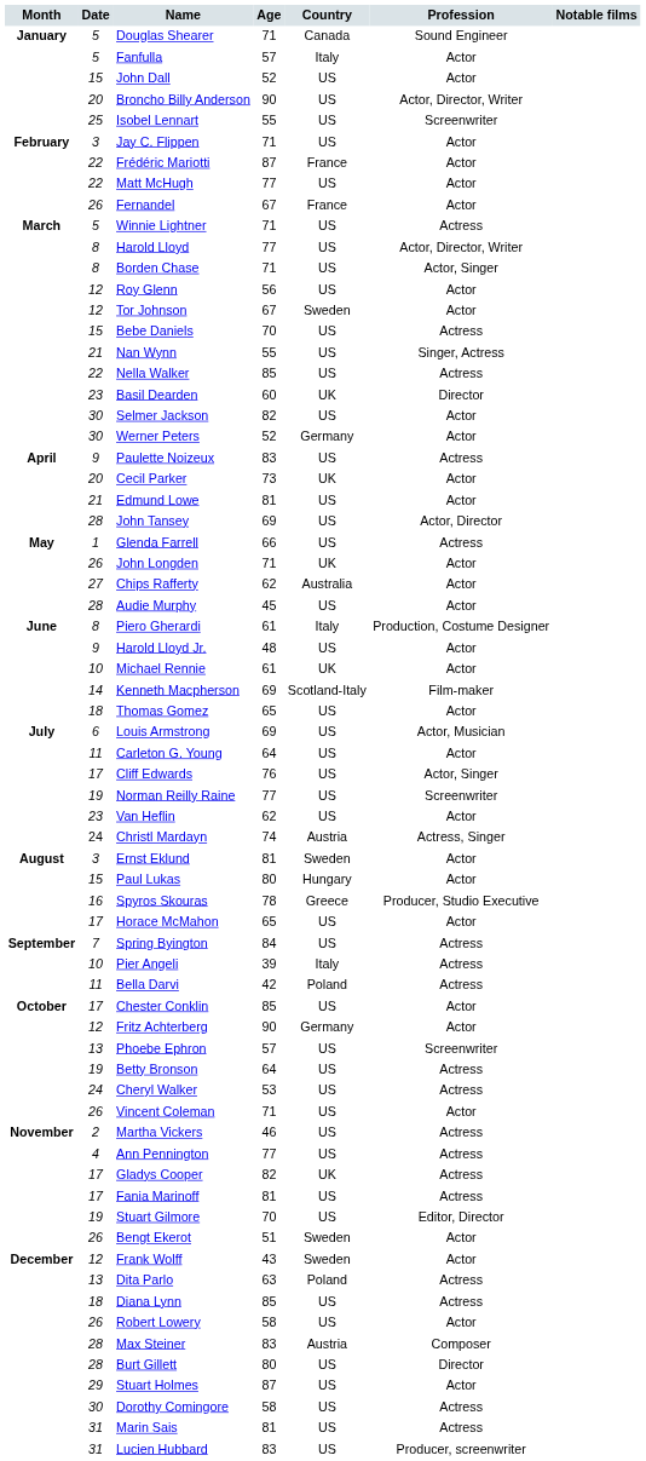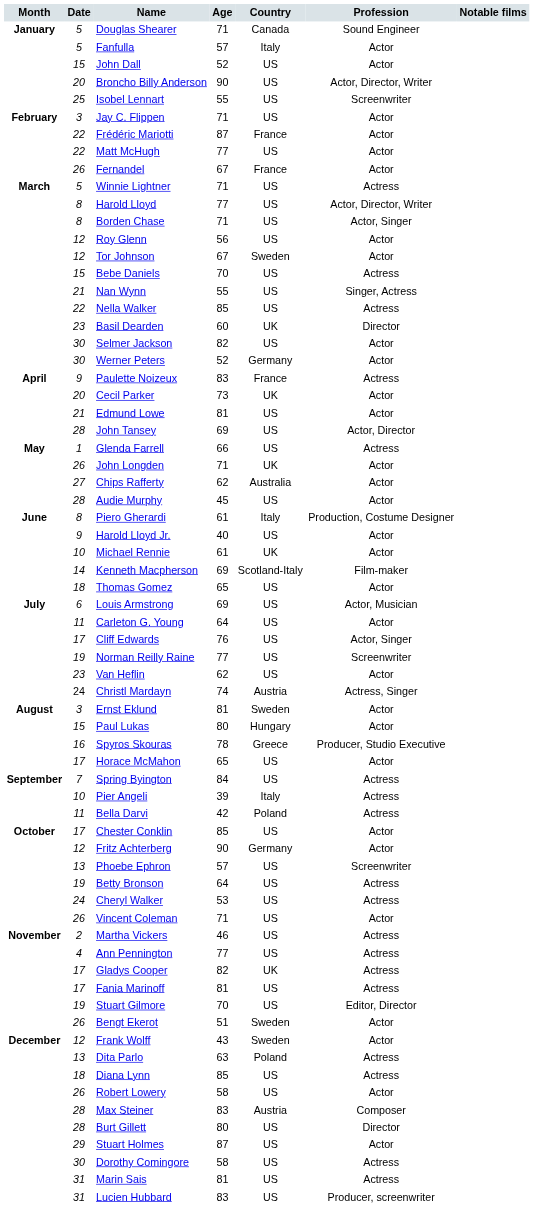 <table cellspacing="0" cellpadding="4" border="0">
 <tr style="background:#dae3e7; text-align:center;">
 <td><strong>Month</strong></td>
 <td><strong>Date</strong></td>
 <td><strong>Name</strong></td>
 <td><strong>Age</strong></td>
 <td><strong>Country</strong></td>
 <td><strong>Profession</strong></td>
 <td><strong>Notable films</strong></td>
 </tr>
 <tr valign="top">
 <td rowspan=5 style="text-align:center; vertical-align:top;"><strong>January</strong></td>
 <td style="text-align:center;"><em>5</em></td>
 <td><a href='#'>Douglas Shearer</a></td>
 <td style="text-align:center;">71</td>
 <td style="text-align:center;">Canada</td>
 <td style="text-align:center;">Sound Engineer</td>
 <td></td>
 </tr>
 <tr>
 <td style="text-align:center;"><em>5</em></td>
 <td><a href='#'>Fanfulla</a></td>
 <td style="text-align:center;">57</td>
 <td style="text-align:center;">Italy</td>
 <td style="text-align:center;">Actor</td>
 <td></td>
 </tr>
 <tr>
 <td style="text-align:center;"><em>15</em></td>
 <td><a href='#'>John Dall</a></td>
 <td style="text-align:center;">52</td>
 <td style="text-align:center;">US</td>
 <td style="text-align:center;">Actor</td>
 <td></td>
 </tr>
 <tr>
 <td style="text-align:center;"><em>20</em></td>
 <td><a href='#'>Broncho Billy Anderson</a></td>
 <td style="text-align:center;">90</td>
 <td style="text-align:center;">US</td>
 <td style="text-align:center;">Actor, Director, Writer</td>
 <td></td>
 </tr>
 <tr>
 <td style="text-align:center;"><em>25</em></td>
 <td><a href='#'>Isobel Lennart</a></td>
 <td style="text-align:center;">55</td>
 <td style="text-align:center;">US</td>
 <td style="text-align:center;">Screenwriter</td>
 <td></td>
 </tr>
 <tr>
 <td rowspan=4 style="text-align:center; vertical-align:top;"><strong>February</strong></td>
 <td style="text-align:center;"><em>3</em></td>
 <td><a href='#'>Jay C. Flippen</a></td>
 <td style="text-align:center;">71</td>
 <td style="text-align:center;">US</td>
 <td style="text-align:center;">Actor</td>
 <td></td>
 </tr>
 <tr>
 <td style="text-align:center;"><em>22</em></td>
 <td><a href='#'>Frédéric Mariotti</a></td>
 <td style="text-align:center;">87</td>
 <td style="text-align:center;">France</td>
 <td style="text-align:center;">Actor</td>
 <td></td>
 </tr>
 <tr>
 <td style="text-align:center;"><em>22</em></td>
 <td><a href='#'>Matt McHugh</a></td>
 <td style="text-align:center;">77</td>
 <td style="text-align:center;">US</td>
 <td style="text-align:center;">Actor</td>
 <td></td>
 </tr>
 <tr>
 <td style="text-align:center;"><em>26</em></td>
 <td><a href='#'>Fernandel</a></td>
 <td style="text-align:center;">67</td>
 <td style="text-align:center;">France</td>
 <td style="text-align:center;">Actor</td>
 <td></td>
 </tr>
 <tr>
 <td rowspan=11 style="text-align:center; vertical-align:top;"><strong>March</strong></td>
 <td style="text-align:center;"><em>5</em></td>
 <td><a href='#'>Winnie Lightner</a></td>
 <td style="text-align:center;">71</td>
 <td style="text-align:center;">US</td>
 <td style="text-align:center;">Actress</td>
 <td></td>
 </tr>
 <tr>
 <td style="text-align:center;"><em>8</em></td>
 <td><a href='#'>Harold Lloyd</a></td>
 <td style="text-align:center;">77</td>
 <td style="text-align:center;">US</td>
 <td style="text-align:center;">Actor, Director, Writer</td>
 <td></td>
 </tr>
 <tr>
 <td style="text-align:center;"><em>8</em></td>
 <td><a href='#'>Borden Chase</a></td>
 <td style="text-align:center;">71</td>
 <td style="text-align:center;">US</td>
 <td style="text-align:center;">Actor, Singer</td>
 <td></td>
 </tr>
 <tr>
 <td style="text-align:center;"><em>12</em></td>
 <td><a href='#'>Roy Glenn</a></td>
 <td style="text-align:center;">56</td>
 <td style="text-align:center;">US</td>
 <td style="text-align:center;">Actor</td>
 <td></td>
 </tr>
 <tr>
 <td style="text-align:center;"><em>12</em></td>
 <td><a href='#'>Tor Johnson</a></td>
 <td style="text-align:center;">67</td>
 <td style="text-align:center;">Sweden</td>
 <td style="text-align:center;">Actor</td>
 <td></td>
 </tr>
 <tr>
 <td style="text-align:center;"><em>15</em></td>
 <td><a href='#'>Bebe Daniels</a></td>
 <td style="text-align:center;">70</td>
 <td style="text-align:center;">US</td>
 <td style="text-align:center;">Actress</td>
 <td></td>
 </tr>
 <tr>
 <td style="text-align:center;"><em>21</em></td>
 <td><a href='#'>Nan Wynn</a></td>
 <td style="text-align:center;">55</td>
 <td style="text-align:center;">US</td>
 <td style="text-align:center;">Singer, Actress</td>
 <td></td>
 </tr>
 <tr>
 <td style="text-align:center;"><em>22</em></td>
 <td><a href='#'>Nella Walker</a></td>
 <td style="text-align:center;">85</td>
 <td style="text-align:center;">US</td>
 <td style="text-align:center;">Actress</td>
 <td></td>
 </tr>
 <tr>
 <td style="text-align:center;"><em>23</em></td>
 <td><a href='#'>Basil Dearden</a></td>
 <td style="text-align:center;">60</td>
 <td style="text-align:center;">UK</td>
 <td style="text-align:center;">Director</td>
 <td></td>
 </tr>
 <tr>
 <td style="text-align:center;"><em>30</em></td>
 <td><a href='#'>Selmer Jackson</a></td>
 <td style="text-align:center;">82</td>
 <td style="text-align:center;">US</td>
 <td style="text-align:center;">Actor</td>
 <td></td>
 </tr>
 <tr>
 <td style="text-align:center;"><em>30</em></td>
 <td><a href='#'>Werner Peters</a></td>
 <td style="text-align:center;">52</td>
 <td style="text-align:center;">Germany</td>
 <td style="text-align:center;">Actor</td>
 <td></td>
 </tr>
 <tr>
 <td rowspan=4 style="text-align:center; vertical-align:top;"><strong>April</strong></td>
 <td style="text-align:center;"><em>9</em></td>
 <td><a href='#'>Paulette Noizeux</a></td>
 <td style="text-align:center;">83</td>
-<td style="text-align:center;">US</td>
+<td style="text-align:center;">France</td>
 <td style="text-align:center;">Actress</td>
 <td></td>
 </tr>
 <tr>
 <td style="text-align:center;"><em>20</em></td>
 <td><a href='#'>Cecil Parker</a></td>
 <td style="text-align:center;">73</td>
 <td style="text-align:center;">UK</td>
 <td style="text-align:center;">Actor</td>
 <td></td>
 </tr>
 <tr>
 <td style="text-align:center;"><em>21</em></td>
 <td><a href='#'>Edmund Lowe</a></td>
 <td style="text-align:center;">81</td>
 <td style="text-align:center;">US</td>
 <td style="text-align:center;">Actor</td>
 <td></td>
 </tr>
 <tr>
 <td style="text-align:center;"><em>28</em></td>
 <td><a href='#'>John Tansey</a></td>
 <td style="text-align:center;">69</td>
 <td style="text-align:center;">US</td>
 <td style="text-align:center;">Actor, Director</td>
 <td></td>
 </tr>
 <tr>
 <td rowspan=4 style="text-align:center; vertical-align:top;"><strong>May</strong></td>
 <td style="text-align:center;"><em>1</em></td>
 <td><a href='#'>Glenda Farrell</a></td>
 <td style="text-align:center;">66</td>
 <td style="text-align:center;">US</td>
 <td style="text-align:center;">Actress</td>
 <td></td>
 </tr>
 <tr>
 <td style="text-align:center;"><em>26</em></td>
 <td><a href='#'>John Longden</a></td>
 <td style="text-align:center;">71</td>
 <td style="text-align:center;">UK</td>
 <td style="text-align:center;">Actor</td>
 <td></td>
 </tr>
 <tr>
 <td style="text-align:center;"><em>27</em></td>
 <td><a href='#'>Chips Rafferty</a></td>
 <td style="text-align:center;">62</td>
 <td style="text-align:center;">Australia</td>
 <td style="text-align:center;">Actor</td>
 <td></td>
 </tr>
 <tr>
 <td style="text-align:center;"><em>28</em></td>
 <td><a href='#'>Audie Murphy</a></td>
 <td style="text-align:center;">45</td>
 <td style="text-align:center;">US</td>
 <td style="text-align:center;">Actor</td>
 <td></td>
 </tr>
 <tr>
 <td rowspan=5 style="text-align:center; vertical-align:top;"><strong>June</strong></td>
 <td style="text-align:center;"><em>8</em></td>
 <td><a href='#'>Piero Gherardi</a></td>
 <td style="text-align:center;">61</td>
 <td style="text-align:center;">Italy</td>
 <td style="text-align:center;">Production, Costume Designer</td>
 <td></td>
 </tr>
 <tr>
 <td style="text-align:center;"><em>9</em></td>
 <td><a href='#'>Harold Lloyd Jr.</a></td>
-<td style="text-align:center;">48</td>
+<td style="text-align:center;">40</td>
 <td style="text-align:center;">US</td>
 <td style="text-align:center;">Actor</td>
 <td></td>
 </tr>
 <tr>
 <td style="text-align:center;"><em>10</em></td>
 <td><a href='#'>Michael Rennie</a></td>
 <td style="text-align:center;">61</td>
 <td style="text-align:center;">UK</td>
 <td style="text-align:center;">Actor</td>
 <td></td>
 </tr>
 <tr>
 <td style="text-align:center;"><em>14</em></td>
 <td><a href='#'>Kenneth Macpherson</a></td>
 <td style="text-align:center;">69</td>
 <td style="text-align:center;">Scotland-Italy</td>
 <td style="text-align:center;">Film-maker</td>
 <td></td>
 </tr>
 <tr>
 <td style="text-align:center;"><em>18</em></td>
 <td><a href='#'>Thomas Gomez</a></td>
 <td style="text-align:center;">65</td>
 <td style="text-align:center;">US</td>
 <td style="text-align:center;">Actor</td>
 <td></td>
 </tr>
 <tr>
 <td rowspan=6 style="text-align:center; vertical-align:top;"><strong>July</strong></td>
 <td style="text-align:center;"><em>6</em></td>
 <td><a href='#'>Louis Armstrong</a></td>
 <td style="text-align:center;">69</td>
 <td style="text-align:center;">US</td>
 <td style="text-align:center;">Actor, Musician</td>
 <td></td>
 </tr>
 <tr>
 <td style="text-align:center;"><em>11</em></td>
 <td><a href='#'>Carleton G. Young</a></td>
 <td style="text-align:center;">64</td>
 <td style="text-align:center;">US</td>
 <td style="text-align:center;">Actor</td>
 <td></td>
 </tr>
 <tr>
 <td style="text-align:center;"><em>17</em></td>
 <td><a href='#'>Cliff Edwards</a></td>
 <td style="text-align:center;">76</td>
 <td style="text-align:center;">US</td>
 <td style="text-align:center;">Actor, Singer</td>
 <td></td>
 </tr>
 <tr>
 <td style="text-align:center;"><em>19</em></td>
 <td><a href='#'>Norman Reilly Raine</a></td>
 <td style="text-align:center;">77</td>
 <td style="text-align:center;">US</td>
 <td style="text-align:center;">Screenwriter</td>
 <td></td>
 </tr>
 <tr>
 <td style="text-align:center;"><em>23</em></td>
 <td><a href='#'>Van Heflin</a></td>
 <td style="text-align:center;">62</td>
 <td style="text-align:center;">US</td>
 <td style="text-align:center;">Actor</td>
 <td></td>
 </tr>
 <tr>
 <td style="text-align:center;">24</td>
 <td><a href='#'>Christl Mardayn</a></td>
 <td style="text-align:center;">74</td>
 <td style="text-align:center;">Austria</td>
 <td style="text-align:center;">Actress, Singer</td>
 <td></td>
 </tr>
 <tr>
 <td rowspan=4 style="text-align:center; vertical-align:top;"><strong>August</strong></td>
 <td style="text-align:center;"><em>3</em></td>
 <td><a href='#'>Ernst Eklund</a></td>
 <td style="text-align:center;">81</td>
 <td style="text-align:center;">Sweden</td>
 <td style="text-align:center;">Actor</td>
 <td></td>
 </tr>
 <tr>
 <td style="text-align:center;"><em>15</em></td>
 <td><a href='#'>Paul Lukas</a></td>
 <td style="text-align:center;">80</td>
 <td style="text-align:center;">Hungary</td>
 <td style="text-align:center;">Actor</td>
 <td></td>
 </tr>
 <tr>
 <td style="text-align:center;"><em>16</em></td>
 <td><a href='#'>Spyros Skouras</a></td>
 <td style="text-align:center;">78</td>
 <td style="text-align:center;">Greece</td>
 <td style="text-align:center;">Producer, Studio Executive</td>
 <td></td>
 </tr>
 <tr>
 <td style="text-align:center;"><em>17</em></td>
 <td><a href='#'>Horace McMahon</a></td>
 <td style="text-align:center;">65</td>
 <td style="text-align:center;">US</td>
 <td style="text-align:center;">Actor</td>
 <td></td>
 </tr>
 <tr>
 <td rowspan=3 style="text-align:center; vertical-align:top;"><strong>September</strong></td>
 <td style="text-align:center;"><em>7</em></td>
 <td><a href='#'>Spring Byington</a></td>
 <td style="text-align:center;">84</td>
 <td style="text-align:center;">US</td>
 <td style="text-align:center;">Actress</td>
 <td></td>
 </tr>
 <tr>
 <td style="text-align:center;"><em>10</em></td>
 <td><a href='#'>Pier Angeli</a></td>
 <td style="text-align:center;">39</td>
 <td style="text-align:center;">Italy</td>
 <td style="text-align:center;">Actress</td>
 <td></td>
 </tr>
 <tr>
 <td style="text-align:center;"><em>11</em></td>
 <td><a href='#'>Bella Darvi</a></td>
 <td style="text-align:center;">42</td>
 <td style="text-align:center;">Poland</td>
 <td style="text-align:center;">Actress</td>
 <td></td>
 </tr>
 <tr>
 <td rowspan=6 style="text-align:center; vertical-align:top;"><strong>October</strong></td>
 <td style="text-align:center;"><em>17</em></td>
 <td><a href='#'>Chester Conklin</a></td>
 <td style="text-align:center;">85</td>
 <td style="text-align:center;">US</td>
 <td style="text-align:center;">Actor</td>
 <td></td>
 </tr>
 <tr>
 <td style="text-align:center;"><em>12</em></td>
 <td><a href='#'>Fritz Achterberg</a></td>
 <td style="text-align:center;">90</td>
 <td style="text-align:center;">Germany</td>
 <td style="text-align:center;">Actor</td>
 <td></td>
 </tr>
 <tr>
 <td style="text-align:center;"><em>13</em></td>
 <td><a href='#'>Phoebe Ephron</a></td>
 <td style="text-align:center;">57</td>
 <td style="text-align:center;">US</td>
 <td style="text-align:center;">Screenwriter</td>
 <td></td>
 </tr>
 <tr>
 <td style="text-align:center;"><em>19</em></td>
 <td><a href='#'>Betty Bronson</a></td>
 <td style="text-align:center;">64</td>
 <td style="text-align:center;">US</td>
 <td style="text-align:center;">Actress</td>
 <td></td>
 </tr>
 <tr>
 <td style="text-align:center;"><em>24</em></td>
 <td><a href='#'>Cheryl Walker</a></td>
 <td style="text-align:center;">53</td>
 <td style="text-align:center;">US</td>
 <td style="text-align:center;">Actress</td>
 <td></td>
 </tr>
 <tr>
 <td style="text-align:center;"><em>26</em></td>
 <td><a href='#'>Vincent Coleman</a></td>
 <td style="text-align:center;">71</td>
 <td style="text-align:center;">US</td>
 <td style="text-align:center;">Actor</td>
 <td></td>
 </tr>
 <tr>
 <td rowspan=6 style="text-align:center; vertical-align:top;"><strong>November</strong></td>
 <td style="text-align:center;"><em>2</em></td>
 <td><a href='#'>Martha Vickers</a></td>
 <td style="text-align:center;">46</td>
 <td style="text-align:center;">US</td>
 <td style="text-align:center;">Actress</td>
 <td></td>
 </tr>
 <tr>
 <td style="text-align:center;"><em>4</em></td>
 <td><a href='#'>Ann Pennington</a></td>
 <td style="text-align:center;">77</td>
 <td style="text-align:center;">US</td>
 <td style="text-align:center;">Actress</td>
 <td></td>
 </tr>
 <tr>
 <td style="text-align:center;"><em>17</em></td>
 <td><a href='#'>Gladys Cooper</a></td>
 <td style="text-align:center;">82</td>
 <td style="text-align:center;">UK</td>
 <td style="text-align:center;">Actress</td>
 <td></td>
 </tr>
 <tr>
 <td style="text-align:center;"><em>17 </em></td>
 <td><a href='#'>Fania Marinoff</a></td>
 <td style="text-align:center;">81</td>
 <td style="text-align:center;">US</td>
 <td style="text-align:center;">Actress</td>
 <td></td>
 </tr>
 <tr>
 <td style="text-align:center;"><em>19</em></td>
 <td><a href='#'>Stuart Gilmore</a></td>
 <td style="text-align:center;">70</td>
 <td style="text-align:center;">US</td>
 <td style="text-align:center;">Editor, Director</td>
 <td></td>
 </tr>
 <tr>
 <td style="text-align:center;"><em>26</em></td>
 <td><a href='#'>Bengt Ekerot</a></td>
 <td style="text-align:center;">51</td>
 <td style="text-align:center;">Sweden</td>
 <td style="text-align:center;">Actor</td>
 <td></td>
 </tr>
 <tr>
 <td rowspan=10 style="text-align:center; vertical-align:top;"><strong>December</strong></td>
 <td style="text-align:center;"><em>12</em></td>
 <td><a href='#'>Frank Wolff</a></td>
 <td style="text-align:center;">43</td>
 <td style="text-align:center;">Sweden</td>
 <td style="text-align:center;">Actor</td>
 <td></td>
 </tr>
 <tr>
 <td style="text-align:center;"><em>13</em></td>
 <td><a href='#'>Dita Parlo</a></td>
 <td style="text-align:center;">63</td>
 <td style="text-align:center;">Poland</td>
 <td style="text-align:center;">Actress</td>
 <td></td>
 </tr>
 <tr>
 <td style="text-align:center;"><em>18</em></td>
 <td><a href='#'>Diana Lynn</a></td>
 <td style="text-align:center;">85</td>
 <td style="text-align:center;">US</td>
 <td style="text-align:center;">Actress</td>
 <td></td>
 </tr>
 <tr>
 <td style="text-align:center;"><em>26</em></td>
 <td><a href='#'>Robert Lowery</a></td>
 <td style="text-align:center;">58</td>
 <td style="text-align:center;">US</td>
 <td style="text-align:center;">Actor</td>
 <td></td>
 </tr>
 <tr>
 <td style="text-align:center;"><em>28</em></td>
 <td><a href='#'>Max Steiner</a></td>
 <td style="text-align:center;">83</td>
 <td style="text-align:center;">Austria</td>
 <td style="text-align:center;">Composer</td>
 <td></td>
 </tr>
 <tr>
 <td style="text-align:center;"><em>28</em></td>
 <td><a href='#'>Burt Gillett</a></td>
 <td style="text-align:center;">80</td>
 <td style="text-align:center;">US</td>
 <td style="text-align:center;">Director</td>
 <td></td>
 </tr>
 <tr>
 <td style="text-align:center;"><em>29</em></td>
 <td><a href='#'>Stuart Holmes</a></td>
 <td style="text-align:center;">87</td>
 <td style="text-align:center;">US</td>
 <td style="text-align:center;">Actor</td>
 <td></td>
 </tr>
 <tr>
 <td style="text-align:center;"><em>30</em></td>
 <td><a href='#'>Dorothy Comingore</a></td>
 <td style="text-align:center;">58</td>
 <td style="text-align:center;">US</td>
 <td style="text-align:center;">Actress</td>
 <td></td>
 </tr>
 <tr>
 <td style="text-align:center;"><em>31</em></td>
 <td><a href='#'>Marin Sais</a></td>
 <td style="text-align:center;">81</td>
 <td style="text-align:center;">US</td>
 <td style="text-align:center;">Actress</td>
 <td></td>
 </tr>
 <tr>
 <td style="text-align:center;"><em>31</em></td>
 <td><a href='#'>Lucien Hubbard</a></td>
 <td style="text-align:center;">83</td>
 <td style="text-align:center;">US</td>
 <td style="text-align:center;">Producer, screenwriter</td>
 <td></td>
 </tr>
 <tr>
 </tr>
 </table>
